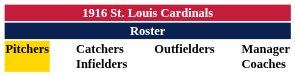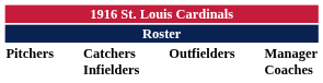 <table class="toccolours" style="font-size: 95%;">
 <tr>
 <th colspan="10" style="background-color: #c41c3a; color: white; text-align: center;">1916 St. Louis Cardinals</th>
 </tr>
 <tr>
 <td colspan="10" style="background-color: #0a2252; color: white; text-align: center;"><strong>Roster</strong></td>
 </tr>
 <tr>
-<td valign="top" style="background: gold;"><strong>Pitchers</strong><br>            </td>
+<td valign="top"><strong>Pitchers</strong><br>            </td>
 <td width="25px"></td>
 <td valign="top"><strong>Catchers</strong><br>   <strong>Infielders</strong>        </td>
 <td width="25px"></td>
 <td valign="top"><strong>Outfielders</strong><br>     </td>
 <td width="25px"></td>
 <td valign="top"><strong>Manager</strong><br> <strong>Coaches</strong> </td>
 </tr>
 </table>
